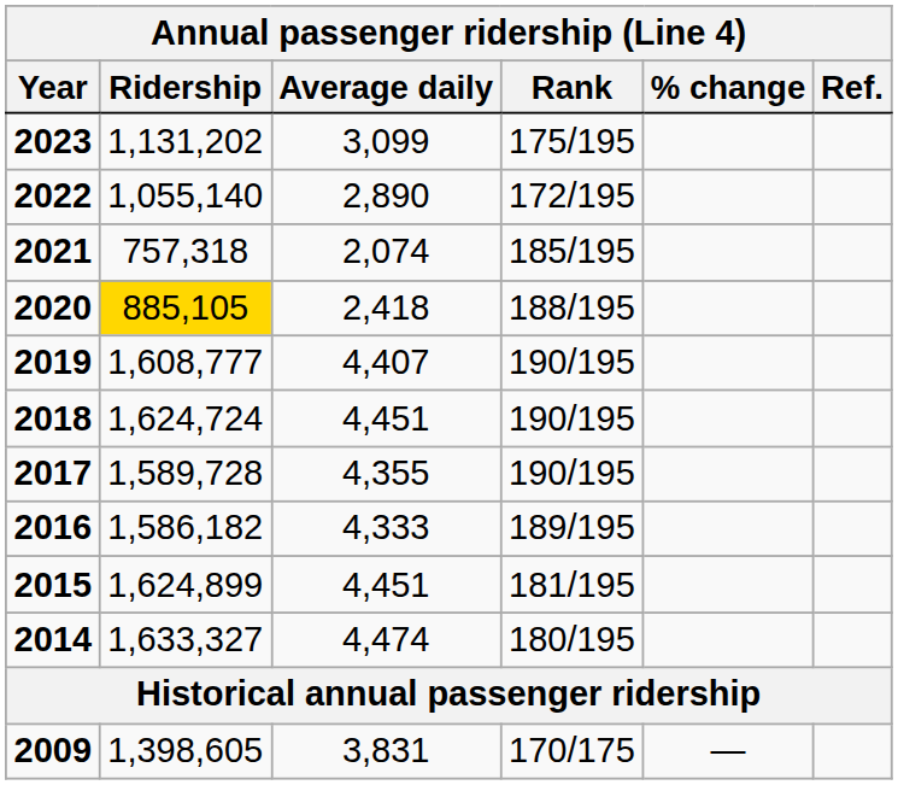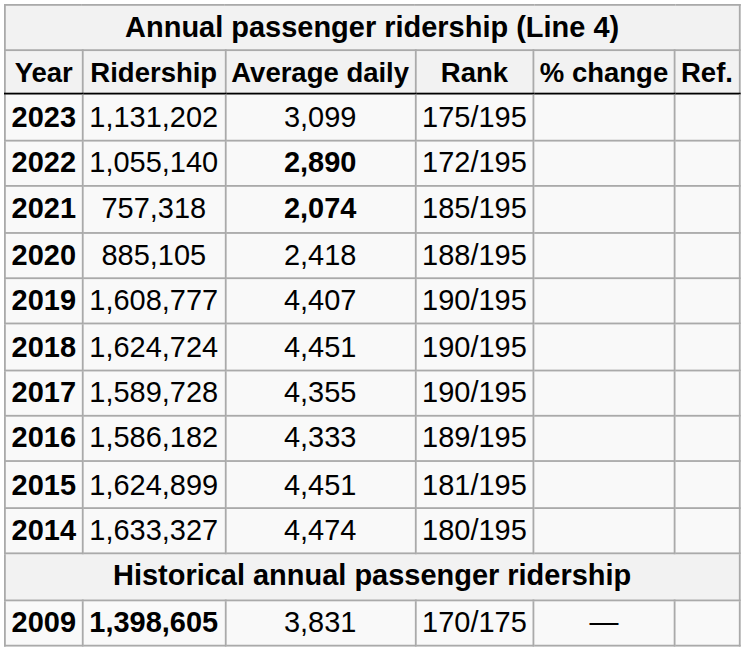 <table class="wikitable sortable" style="text-align:right;">
 <tr>
 <th colspan="6" style="background-color:#">Annual passenger ridership (Line 4)</th>
 </tr>
 <tr style="font-size:95%; text-align:center">
 <th style="border-bottom:1px solid black">Year</th>
 <th style="border-bottom:1px solid black">Ridership</th>
 <th style="border-bottom:1px solid black">Average daily</th>
 <th style="border-bottom:1px solid black">Rank</th>
 <th style="border-bottom:1px solid black">% change</th>
 <th style="border-bottom:1px solid black">Ref.</th>
 </tr>
 <tr style="text-align:center;">
 <td><strong>2023</strong></td>
 <td>1,131,202</td>
 <td>3,099</td>
 <td>175/195</td>
 <td></td>
 <td></td>
 </tr>
 <tr style="text-align:center;">
 <td><strong>2022</strong></td>
 <td>1,055,140</td>
-<td>2,890</td>
+<td><strong>2,890</strong></td>
 <td>172/195</td>
 <td></td>
 <td></td>
 </tr>
 <tr style="text-align:center;">
 <td><strong>2021</strong></td>
 <td>757,318</td>
-<td>2,074</td>
+<td><strong>2,074</strong></td>
 <td>185/195</td>
 <td></td>
 <td></td>
 </tr>
 <tr style="text-align:center;">
 <td><strong>2020</strong></td>
-<td style="background: gold;">885,105</td>
+<td>885,105</td>
 <td>2,418</td>
 <td>188/195</td>
 <td></td>
 <td></td>
 </tr>
 <tr style="text-align:center;">
 <td><strong>2019</strong></td>
 <td>1,608,777</td>
 <td>4,407</td>
 <td>190/195</td>
 <td></td>
 <td></td>
 </tr>
 <tr style="text-align:center;">
 <td><strong>2018</strong></td>
 <td>1,624,724</td>
 <td>4,451</td>
 <td>190/195</td>
 <td></td>
 <td></td>
 </tr>
 <tr style="text-align:center;">
 <td><strong>2017</strong></td>
 <td>1,589,728</td>
 <td>4,355</td>
 <td>190/195</td>
 <td></td>
 <td></td>
 </tr>
 <tr style="text-align:center;">
 <td><strong>2016</strong></td>
 <td>1,586,182</td>
 <td>4,333</td>
 <td>189/195</td>
 <td></td>
 <td></td>
 </tr>
 <tr style="text-align:center;">
 <td><strong>2015</strong></td>
 <td>1,624,899</td>
 <td>4,451</td>
 <td>181/195</td>
 <td></td>
 <td></td>
 </tr>
 <tr style="text-align:center;">
 <td><strong>2014</strong></td>
 <td>1,633,327</td>
 <td>4,474</td>
 <td>180/195</td>
 <td></td>
 <td></td>
 </tr>
 <tr>
 <th colspan="6" style="background-color:#">Historical annual passenger ridership</th>
 </tr>
 <tr style="text-align:center;">
 <td><strong>2009</strong></td>
-<td>1,398,605</td>
+<td><strong>1,398,605</strong></td>
 <td>3,831</td>
 <td>170/175</td>
 <td>—</td>
 <td></td>
 </tr>
 </table>
